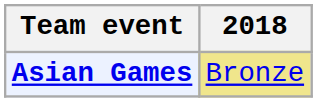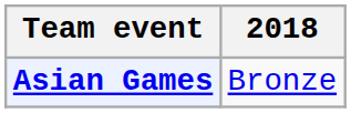 <table class="wikitable" style="font-size: 90%; text-align:center">
 <tr>
 <th>Team event</th>
 <th>2018</th>
 </tr>
 <tr>
 <td bgcolor="#ECF2FF"; align="left"><strong><a href='#'>Asian Games</a></strong></td>
-<td style="background: khaki;"> <a href='#'>Bronze</a></td>
+<td> <a href='#'>Bronze</a></td>
 </tr>
 </table>
